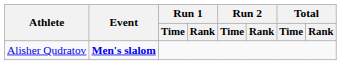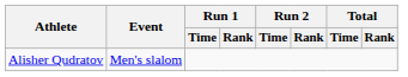 <table class="wikitable" style="font-size:90%">
 <tr>
 <th rowspan=2>Athlete</th>
 <th rowspan=2>Event</th>
 <th colspan=2>Run 1</th>
 <th colspan=2>Run 2</th>
 <th colspan=2>Total</th>
 </tr>
 <tr style="font-size:95%">
 <th>Time</th>
 <th>Rank</th>
 <th>Time</th>
 <th>Rank</th>
 <th>Time</th>
 <th>Rank</th>
 </tr>
 <tr align=center>
 <td align=left><a href='#'>Alisher Qudratov</a></td>
-<td align=left><strong><a href='#'>Men's slalom</a></strong></td>
+<td align=left><a href='#'>Men's slalom</a></td>
 <td colspan=6></td>
 </tr>
 </table>
